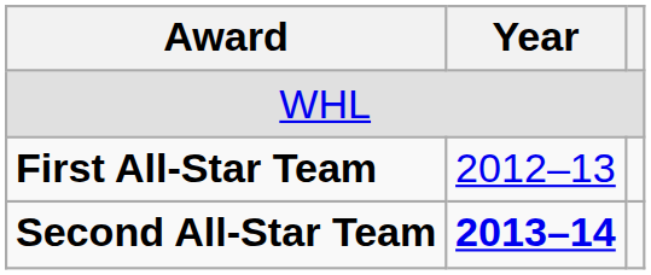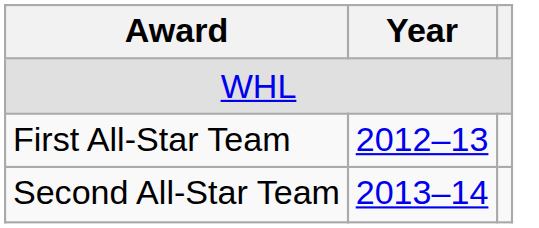 <table class="wikitable">
 <tr>
 <th>Award</th>
 <th>Year</th>
 <th></th>
 </tr>
 <tr ALIGN="center" bgcolor="#e0e0e0">
 <td colspan="3"><a href='#'>WHL</a></td>
 </tr>
 <tr>
-<td><strong>First All-Star Team</strong></td>
+<td>First All-Star Team</td>
 <td><a href='#'>2012–13</a></td>
 <td></td>
 </tr>
 <tr>
-<td><strong>Second All-Star Team</strong></td>
-<td><strong><a href='#'>2013–14</a></strong></td>
+<td>Second All-Star Team</td>
+<td><a href='#'>2013–14</a></td>
 <td></td>
 </tr>
 </table>
